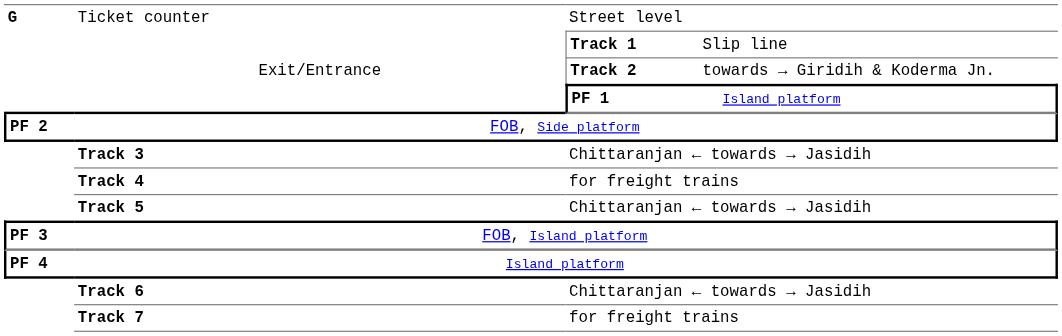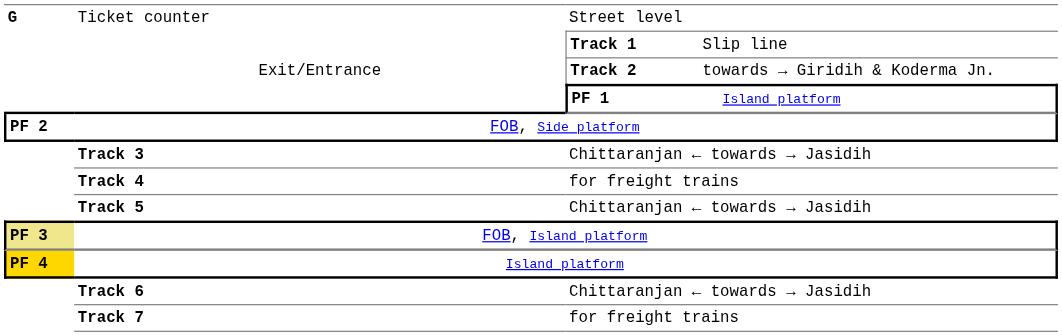 <table border=0 cellspacing=0 cellpadding=3>
 <tr>
 <td rowspan="4" style="border-top:solid 1px gray;border-bottom:solid 2px black;" width="50" valign="top"><strong>G</strong></td>
 <td style="border-top:solid 1px gray;" width="400" valign="top">Ticket counter</td>
 <td style="border-top:solid 1px gray;" width="400" valign="top">Street level</td>
 </tr>
 <tr>
 <td rowspan="3" style="border-bottom:solid 2px black; text-align:center;" width="400">Exit/Entrance</td>
 <td style="border-top:solid 1px gray;border-left:solid 1px gray" width="400"><strong>Track 1</strong>       Slip line</td>
 </tr>
 <tr>
 <td style="border-top:solid 1px gray;border-left:solid 1px gray" width="400"><strong>Track 2</strong>       towards → Giridih & Koderma Jn.</td>
 </tr>
 <tr>
 <td style="border-top:solid 2px black;border-left:solid 2px black;border-right:solid 2px black;border-bottom:solid 2px gray;" width="50" valign="top"><strong>PF 1</strong>            <small><a href='#'>Island platform</a></small></td>
 </tr>
 <tr>
 <td style="border-left:solid 2px black;border-bottom:solid 2px black;" width="50" valign="top"><strong>PF 2</strong></td>
 <td colspan="2" style="border-right:solid 2px black;border-bottom:solid 2px black;text-align:center;"><a href='#'>FOB</a>, <small><a href='#'>Side platform</a></small></td>
 </tr>
 <tr>
 <td rowspan="3"></td>
 <td style="border-bottom:solid 1px gray;" width=400><strong>Track 3</strong></td>
 <td style="border-bottom:solid 1px gray;" width=400>Chittaranjan ← towards → Jasidih</td>
 </tr>
 <tr>
 <td style="border-bottom:solid 1px gray;" width=100><strong>Track 4</strong></td>
 <td style="border-bottom:solid 1px gray;" width=400>for freight trains</td>
 </tr>
 <tr>
 <td width=400><strong>Track 5</strong></td>
 <td width=400>Chittaranjan ← towards → Jasidih</td>
 </tr>
 <tr>
-<td style="border-top:solid 2px black;border-left:solid 2px black;border-bottom:solid 2px gray;" width="50" valign="top"><strong>PF 3</strong></td>
+<td style="background: khaki; border-top:solid 2px black;border-left:solid 2px black;border-bottom:solid 2px gray;" width="50" valign="top"><strong>PF 3</strong></td>
 <td style="border-top:solid 2px black;border-right:solid 2px black;border-bottom:solid 2px gray;text-align:center;" colspan=2><a href='#'>FOB</a>, <small><a href='#'>Island platform</a></small></td>
 </tr>
 <tr>
-<td style="border-left:solid 2px black;border-bottom:solid 2px black;" width="50" valign="top"><strong>PF 4</strong></td>
+<td style="background: gold; border-left:solid 2px black;border-bottom:solid 2px black;" width="50" valign="top"><strong>PF 4</strong></td>
 <td style="border-right:solid 2px black;border-bottom:solid 2px black;text-align:center;" colspan=2><small><a href='#'>Island platform</a></small></td>
 </tr>
 <tr>
 <td rowspan="2"></td>
 <td style="border-bottom:solid 1px gray;" width=400><strong>Track 6</strong></td>
 <td style="border-bottom:solid 1px gray;" width=400>Chittaranjan ← towards → Jasidih</td>
 </tr>
 <tr>
 <td style="border-bottom:solid 1px gray;" width=400><strong>Track 7</strong></td>
 <td style="border-bottom:solid 1px gray;" width=400>for freight trains</td>
 </tr>
 </table>
